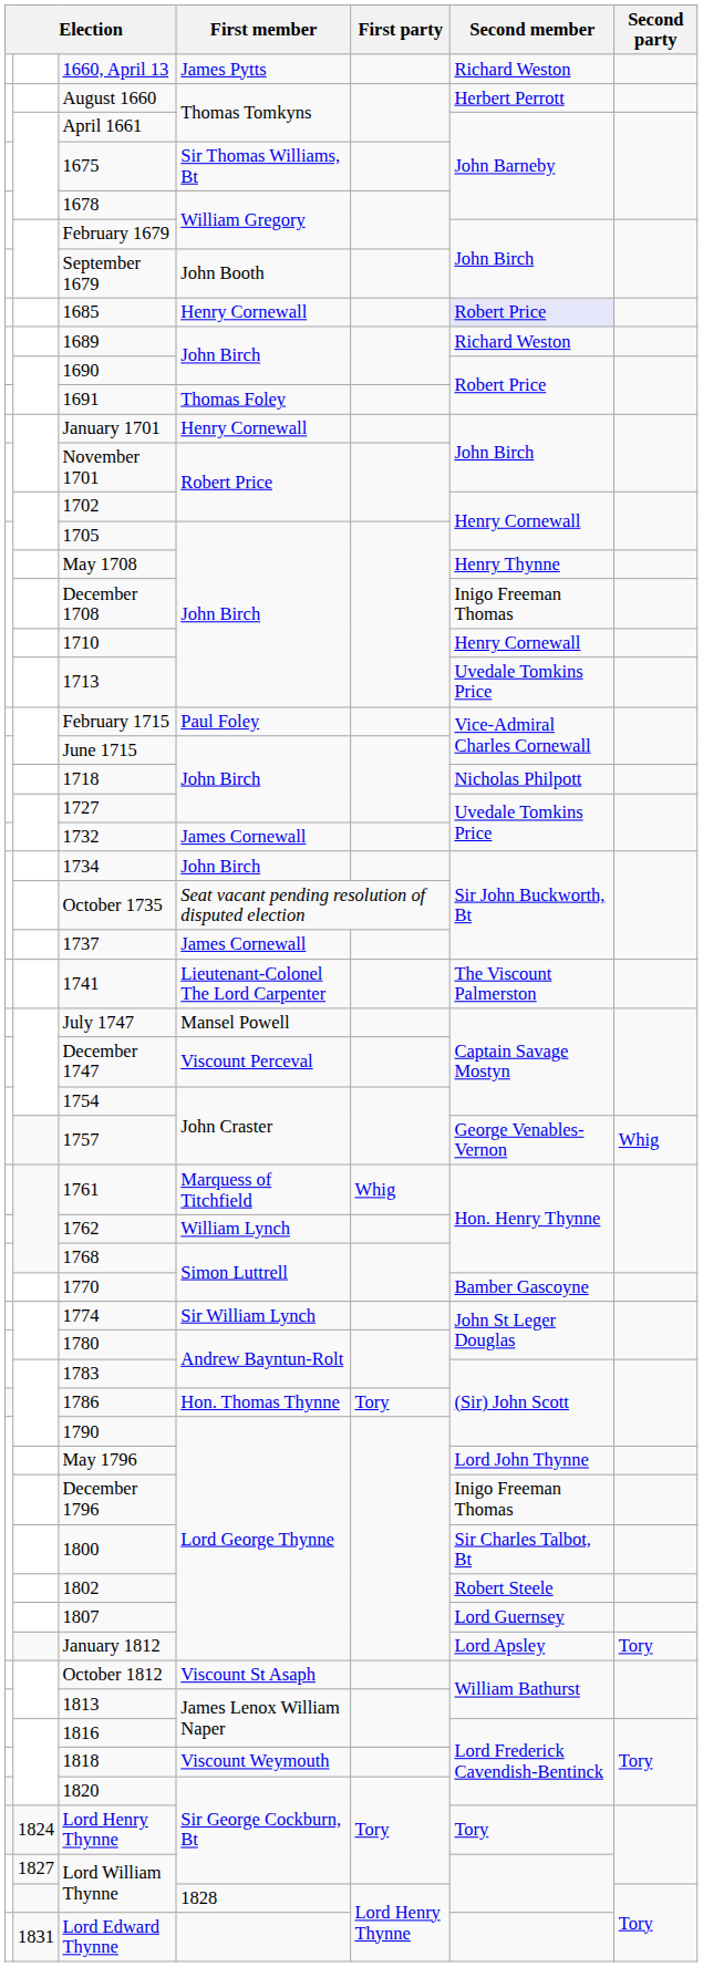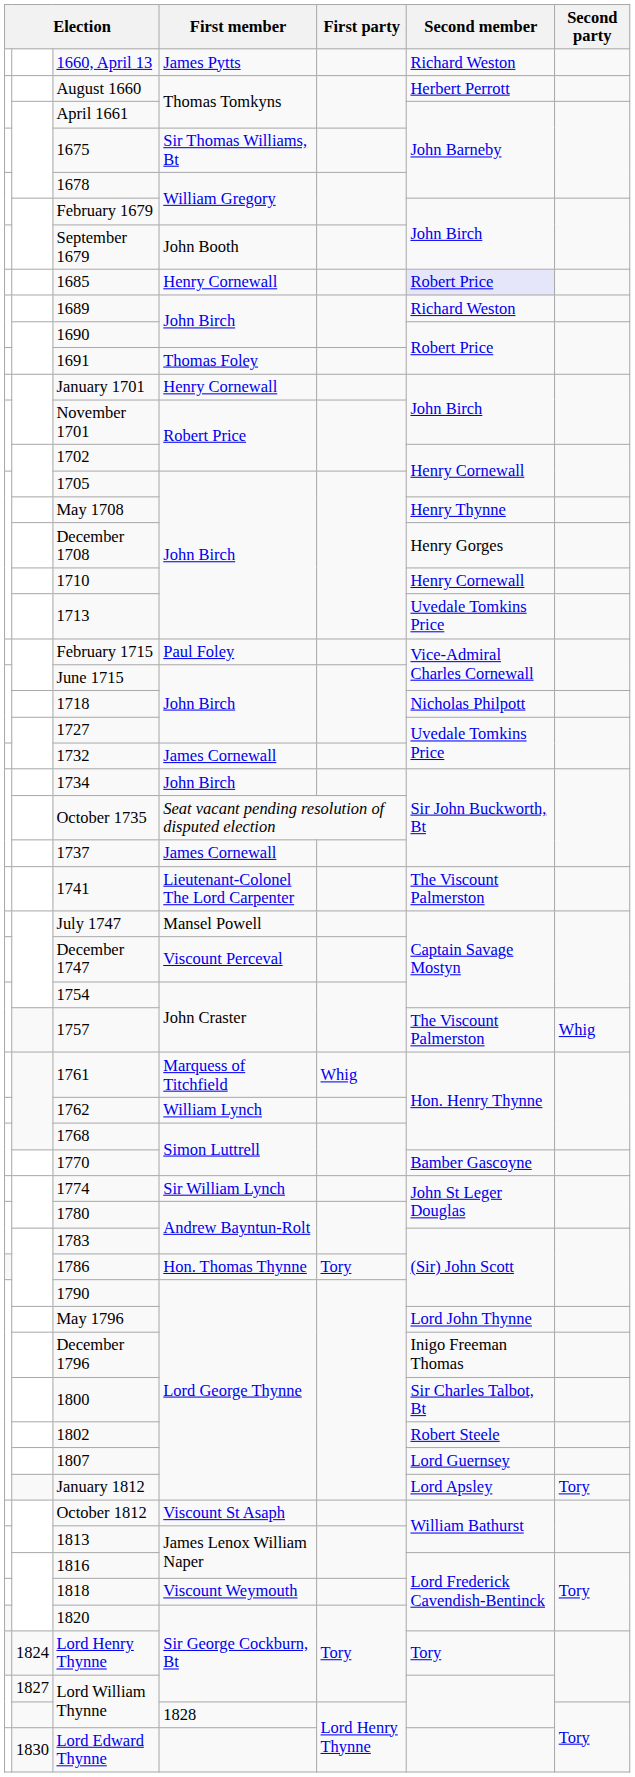 <table class="wikitable">
 <tr>
 <th colspan="3">Election</th>
 <th>First member</th>
 <th>First party</th>
 <th>Second member</th>
 <th>Second party</th>
 </tr>
 <tr>
 <td style="color:inherit;background-color: white"></td>
 <td style="color:inherit;background-color: white"></td>
 <td><a href='#'>1660, April 13</a></td>
 <td><a href='#'>James Pytts</a></td>
 <td></td>
 <td><a href='#'>Richard Weston</a></td>
 <td></td>
 </tr>
 <tr>
 <td style="color:inherit;background-color: white" rowspan=2></td>
 <td style="color:inherit;background-color: white"></td>
 <td>August 1660</td>
 <td rowspan=2>Thomas Tomkyns</td>
 <td rowspan=2></td>
 <td><a href='#'>Herbert Perrott</a></td>
 <td></td>
 </tr>
 <tr>
 <td rowspan=3 style="color:inherit;background-color: white"></td>
 <td>April 1661</td>
 <td rowspan=3><a href='#'>John Barneby</a></td>
 <td rowspan=3></td>
 </tr>
 <tr>
 <td style="color:inherit;background-color: white"></td>
 <td>1675</td>
 <td><a href='#'>Sir Thomas Williams, Bt</a></td>
 <td></td>
 </tr>
 <tr>
 <td style="color:inherit;background-color: white" rowspan=2></td>
 <td>1678</td>
 <td rowspan=2><a href='#'>William Gregory</a></td>
 <td rowspan=2></td>
 </tr>
 <tr>
 <td style="color:inherit;background-color: white" rowspan=2></td>
 <td>February 1679</td>
 <td rowspan=2><a href='#'>John Birch</a></td>
 <td rowspan=2></td>
 </tr>
 <tr>
 <td style="color:inherit;background-color: white"></td>
 <td>September 1679</td>
 <td>John Booth</td>
 <td></td>
 </tr>
 <tr>
 <td style="color:inherit;background-color: white"></td>
 <td style="color:inherit;background-color: white"></td>
 <td>1685</td>
 <td><a href='#'>Henry Cornewall</a></td>
 <td></td>
 <td style="background: lavender;"><a href='#'>Robert Price</a></td>
 <td></td>
 </tr>
 <tr>
 <td style="color:inherit;background-color: white" rowspan=2></td>
 <td style="color:inherit;background-color: white"></td>
 <td>1689</td>
 <td rowspan=2><a href='#'>John Birch</a></td>
 <td rowspan=2></td>
 <td><a href='#'>Richard Weston</a></td>
 <td></td>
 </tr>
 <tr>
 <td style="color:inherit;background-color: white" rowspan=2></td>
 <td>1690</td>
 <td rowspan=2><a href='#'>Robert Price</a></td>
 <td rowspan=2></td>
 </tr>
 <tr>
 <td style="color:inherit;background-color: white"></td>
 <td>1691</td>
 <td><a href='#'>Thomas Foley</a></td>
 <td></td>
 </tr>
 <tr>
 <td style="color:inherit;background-color: white"></td>
 <td rowspan=2 style="color:inherit;background-color: white"></td>
 <td>January 1701</td>
 <td><a href='#'>Henry Cornewall</a></td>
 <td></td>
 <td rowspan=2><a href='#'>John Birch</a></td>
 <td rowspan=2></td>
 </tr>
 <tr>
 <td style="color:inherit;background-color: white" rowspan=2></td>
 <td>November 1701</td>
 <td rowspan=2><a href='#'>Robert Price</a></td>
 <td rowspan=2></td>
 </tr>
 <tr>
 <td style="color:inherit;background-color: white" rowspan=2></td>
 <td>1702</td>
 <td rowspan=2><a href='#'>Henry Cornewall</a></td>
 <td rowspan=2></td>
 </tr>
 <tr>
 <td style="color:inherit;background-color: white" rowspan=5></td>
 <td>1705</td>
 <td rowspan=5><a href='#'>John Birch</a></td>
 <td rowspan=5></td>
 </tr>
 <tr>
 <td style="color:inherit;background-color: white"></td>
 <td>May 1708</td>
 <td><a href='#'>Henry Thynne</a></td>
 <td></td>
 </tr>
 <tr>
 <td style="color:inherit;background-color: white"></td>
 <td>December 1708</td>
-<td>Inigo Freeman Thomas</td>
+<td>Henry Gorges</td>
 <td></td>
 </tr>
 <tr>
 <td style="color:inherit;background-color: white"></td>
 <td>1710</td>
 <td><a href='#'>Henry Cornewall</a></td>
 <td></td>
 </tr>
 <tr>
 <td style="color:inherit;background-color: white"></td>
 <td>1713</td>
 <td><a href='#'>Uvedale Tomkins Price</a></td>
 <td></td>
 </tr>
 <tr>
 <td style="color:inherit;background-color: white"></td>
 <td rowspan=2 style="color:inherit;background-color: white"></td>
 <td>February 1715</td>
 <td><a href='#'>Paul Foley</a></td>
 <td></td>
 <td rowspan=2><a href='#'>Vice-Admiral Charles Cornewall</a></td>
 <td rowspan=2></td>
 </tr>
 <tr>
 <td style="color:inherit;background-color: white" rowspan=3></td>
 <td>June 1715</td>
 <td rowspan=3><a href='#'>John Birch</a></td>
 <td rowspan=3></td>
 </tr>
 <tr>
 <td style="color:inherit;background-color: white"></td>
 <td>1718</td>
 <td><a href='#'>Nicholas Philpott</a></td>
 <td></td>
 </tr>
 <tr>
 <td style="color:inherit;background-color: white" rowspan=2></td>
 <td>1727</td>
 <td rowspan=2><a href='#'>Uvedale Tomkins Price</a></td>
 <td rowspan=2></td>
 </tr>
 <tr>
 <td style="color:inherit;background-color: white"></td>
 <td>1732</td>
 <td><a href='#'>James Cornewall</a></td>
 <td></td>
 </tr>
 <tr>
 <td style="color:inherit;background-color: white" rowspan=3></td>
 <td style="color:inherit;background-color: white"></td>
 <td>1734</td>
 <td><a href='#'>John Birch</a></td>
 <td></td>
 <td rowspan=3><a href='#'>Sir John Buckworth, Bt</a></td>
 <td rowspan=3></td>
 </tr>
 <tr>
 <td style="color:inherit;background-color: white"></td>
 <td>October 1735</td>
 <td colspan="2"><em>Seat vacant pending resolution of disputed election</em> </td>
 </tr>
 <tr>
 <td style="color:inherit;background-color: white"></td>
 <td>1737</td>
 <td><a href='#'>James Cornewall</a></td>
 <td></td>
 </tr>
 <tr>
 <td style="color:inherit;background-color: white"></td>
 <td style="color:inherit;background-color: white"></td>
 <td>1741</td>
 <td><a href='#'>Lieutenant-Colonel The Lord Carpenter</a></td>
 <td></td>
 <td><a href='#'>The Viscount Palmerston</a></td>
 <td></td>
 </tr>
 <tr>
 <td style="color:inherit;background-color: white"></td>
 <td rowspan=3 style="color:inherit;background-color: white"></td>
 <td>July 1747</td>
 <td>Mansel Powell</td>
 <td></td>
 <td rowspan=3><a href='#'>Captain Savage Mostyn</a></td>
 <td rowspan=3></td>
 </tr>
 <tr>
 <td style="color:inherit;background-color: white"></td>
 <td>December 1747</td>
 <td><a href='#'>Viscount Perceval</a></td>
 <td></td>
 </tr>
 <tr>
 <td style="color:inherit;background-color: white" rowspan=2></td>
 <td>1754</td>
 <td rowspan=2>John Craster</td>
 <td rowspan=2></td>
 </tr>
 <tr>
 <td style="color:inherit;background-color: "></td>
 <td>1757</td>
-<td><a href='#'>George Venables-Vernon</a></td>
+<td><a href='#'>The Viscount Palmerston</a></td>
 <td><a href='#'>Whig</a></td>
 </tr>
 <tr>
 <td style="color:inherit;background-color: white"></td>
 <td rowspan=3 style="color:inherit;background-color: "></td>
 <td>1761</td>
 <td><a href='#'>Marquess of Titchfield</a></td>
 <td><a href='#'>Whig</a></td>
 <td rowspan=3><a href='#'>Hon. Henry Thynne</a></td>
 <td rowspan=3></td>
 </tr>
 <tr>
 <td style="color:inherit;background-color: white"></td>
 <td>1762</td>
 <td><a href='#'>William Lynch</a></td>
 <td></td>
 </tr>
 <tr>
 <td style="color:inherit;background-color: white" rowspan=2></td>
 <td>1768</td>
 <td rowspan=2><a href='#'>Simon Luttrell</a></td>
 <td rowspan=2></td>
 </tr>
 <tr>
 <td style="color:inherit;background-color: white"></td>
 <td>1770</td>
 <td><a href='#'>Bamber Gascoyne</a></td>
 <td></td>
 </tr>
 <tr>
 <td style="color:inherit;background-color: white"></td>
 <td rowspan=2 style="color:inherit;background-color: white"></td>
 <td>1774</td>
 <td><a href='#'>Sir William Lynch</a></td>
 <td></td>
 <td rowspan=2><a href='#'>John St Leger Douglas</a></td>
 <td rowspan=2></td>
 </tr>
 <tr>
 <td style="color:inherit;background-color: white" rowspan=2></td>
 <td>1780</td>
 <td rowspan=2><a href='#'>Andrew Bayntun-Rolt</a></td>
 <td rowspan=2></td>
 </tr>
 <tr>
 <td style="color:inherit;background-color: white" rowspan=3></td>
 <td>1783</td>
 <td rowspan=3><a href='#'>(Sir) John Scott</a></td>
 <td rowspan=3></td>
 </tr>
 <tr>
 <td style="color:inherit;background-color: "></td>
 <td>1786</td>
 <td><a href='#'>Hon. Thomas Thynne</a></td>
 <td><a href='#'>Tory</a></td>
 </tr>
 <tr>
 <td style="color:inherit;background-color: white" rowspan=7></td>
 <td>1790</td>
 <td rowspan=7><a href='#'>Lord George Thynne</a></td>
 <td rowspan=7></td>
 </tr>
 <tr>
 <td style="color:inherit;background-color: white"></td>
 <td>May 1796</td>
 <td><a href='#'>Lord John Thynne</a></td>
 <td></td>
 </tr>
 <tr>
 <td style="color:inherit;background-color: white"></td>
 <td>December 1796</td>
 <td>Inigo Freeman Thomas</td>
 <td></td>
 </tr>
 <tr>
 <td style="color:inherit;background-color: white"></td>
 <td>1800</td>
 <td><a href='#'>Sir Charles Talbot, Bt</a></td>
 <td></td>
 </tr>
 <tr>
 <td style="color:inherit;background-color: white"></td>
 <td>1802</td>
 <td><a href='#'>Robert Steele</a></td>
 <td></td>
 </tr>
 <tr>
 <td style="color:inherit;background-color: white"></td>
 <td>1807</td>
 <td><a href='#'>Lord Guernsey</a></td>
 <td></td>
 </tr>
 <tr>
 <td style="color:inherit;background-color: "></td>
 <td>January 1812</td>
 <td><a href='#'>Lord Apsley</a></td>
 <td><a href='#'>Tory</a></td>
 </tr>
 <tr>
 <td style="color:inherit;background-color: white"></td>
 <td rowspan=2 style="color:inherit;background-color: white"></td>
 <td>October 1812</td>
 <td><a href='#'>Viscount St Asaph</a></td>
 <td></td>
 <td rowspan=2><a href='#'>William Bathurst</a></td>
 <td rowspan=2></td>
 </tr>
 <tr>
 <td style="color:inherit;background-color: white" rowspan=2></td>
 <td>1813</td>
 <td rowspan=2>James Lenox William Naper</td>
 <td rowspan=2></td>
 </tr>
 <tr>
 <td style="color:inherit;background-color: white" rowspan=3></td>
 <td>1816</td>
 <td rowspan=3><a href='#'>Lord Frederick Cavendish-Bentinck</a></td>
 <td rowspan=3><a href='#'>Tory</a></td>
 </tr>
 <tr>
 <td style="color:inherit;background-color: white"></td>
 <td>1818</td>
 <td><a href='#'>Viscount Weymouth</a></td>
 <td></td>
 </tr>
 <tr>
 <td style="color:inherit;background-color: "></td>
 <td>1820</td>
 <td rowspan=3><a href='#'>Sir George Cockburn, Bt</a></td>
 <td rowspan=3><a href='#'>Tory</a></td>
 </tr>
 <tr>
 <td style="color:inherit;background-color: "></td>
 <td>1824</td>
 <td><a href='#'>Lord Henry Thynne</a></td>
 <td><a href='#'>Tory</a></td>
 </tr>
 <tr>
 <td style="color:inherit;background-color: white" rowspan=2></td>
 <td>1827</td>
 <td rowspan=2>Lord William Thynne</td>
 <td rowspan=2></td>
 </tr>
 <tr>
 <td style="color:inherit;background-color: "></td>
 <td>1828</td>
 <td rowspan=2><a href='#'>Lord Henry Thynne</a></td>
 <td rowspan=2><a href='#'>Tory</a></td>
 </tr>
 <tr>
 <td style="color:inherit;background-color: white"></td>
-<td>1831</td>
+<td>1830</td>
 <td><a href='#'>Lord Edward Thynne</a></td>
 <td></td>
 </tr>
 </table>
